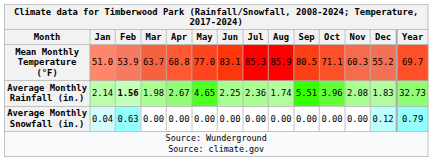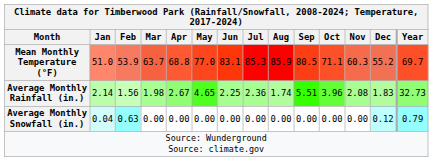 <table class="wikitable mw-collapsible mw-collapsed" style="width:100%;text-align:center;line-height:1.2em;margin-left:auto;margin-right:auto">
 <tr>
 <th colspan="14">Climate data for Timberwood Park (Rainfall/Snowfall, 2008-2024; Temperature, 2017-2024)</th>
 </tr>
 <tr>
 <th>Month</th>
 <th>Jan</th>
 <th>Feb</th>
 <th>Mar</th>
 <th>Apr</th>
 <th>May</th>
 <th>Jun</th>
 <th>Jul</th>
 <th>Aug</th>
 <th>Sep</th>
 <th>Oct</th>
 <th>Nov</th>
 <th>Dec</th>
 <th style="border-left-width:medium">Year</th>
 </tr>
 <tr>
 <th>Mean Monthly Temperature (°F)</th>
 <td style="background:#FF856B;color:#000000;">51.0</td>
 <td style="background:#F67A5F;color:#000000;">53.9</td>
 <td style="background:#F66240;color:#000000;">63.7</td>
 <td style="background:#FF5933;color:#000000;">68.8</td>
 <td style="background:#FD461D;color:#000000;">77.0</td>
 <td style="background:#FF360A;color:#000000;">83.1</td>
 <td style="background:#FF0000;color:#000000;">85.3</td>
 <td style="background:#FF0000;color:#000000;">85.9</td>
 <td style="background:#FC3E14;color:#000000;">80.5</td>
 <td style="background:#FD5029;color:#000000;">71.1</td>
 <td style="background:#F56B4B;color:#000000;">60.3</td>
 <td style="background:#F27154;color:#000000;">55.2</td>
 <td style="background:#FD5029;color:#000000;border-left-width:medium">69.7</td>
 </tr>
 <tr>
 <th>Average Monthly Rainfall (in.)</th>
 <td style="background:#BBFDAA;color:#000000;">2.14</td>
-<td style="background:#C6FFB7;color:#000000;"><strong>1.56</strong></td>
+<td style="background:#C6FFB7;color:#000000;">1.56</td>
 <td style="background:#A9FE93;color:#000000;">1.98</td>
 <td style="background:#91FD75;color:#000000;">2.67</td>
 <td style="background:#50FF22;color:#000000;">4.65</td>
 <td style="background:#A9FE93;color:#000000;">2.25</td>
 <td style="background:#A9FE93;color:#000000;">2.36</td>
 <td style="background:#B2FB9F;color:#000000;">1.74</td>
 <td style="background:#35FF00;color:#000000;">5.51</td>
 <td style="background:#62FF39;color:#000000;">3.96</td>
 <td style="background:#A9FE93;color:#000000;">2.08</td>
 <td style="background:#B2FB9F;color:#000000;">1.83</td>
 <td style="background:#91FD75;color:#000000;border-left-width:medium">32.73</td>
 </tr>
 <tr>
 <th>Average Monthly Snowfall (in.)</th>
 <td style="background:#D2FBFA;color:#000000;">0.04</td>
 <td style="background:#93FEFC;color:#000000;">0.63</td>
 <td style="background:#FFFFFF;color:#000000;">0.00</td>
 <td style="background:#FFFFFF;color:#000000;">0.00</td>
 <td style="background:#FFFFFF;color:#000000;">0.00</td>
 <td style="background:#FFFFFF;color:#000000;">0.00</td>
 <td style="background:#FFFFFF;color:#000000;">0.00</td>
 <td style="background:#FFFFFF;color:#000000;">0.00</td>
 <td style="background:#FFFFFF;color:#000000;">0.00</td>
 <td style="background:#FFFFFF;color:#000000;">0.00</td>
 <td style="background:#FFFFFF;color:#000000;">0.00</td>
 <td style="background:#BEFFFE;color:#000000;">0.12</td>
 <td style="background:#93FEFC;color:#000000;border-left-width:medium">0.79</td>
 </tr>
 <tr>
 <th colspan="14" style="background:#f8f9fa;font-weight:normal;font-size:95%;">Source: Wunderground<br> Source: climate.gov </th>
 </tr>
 </table>
